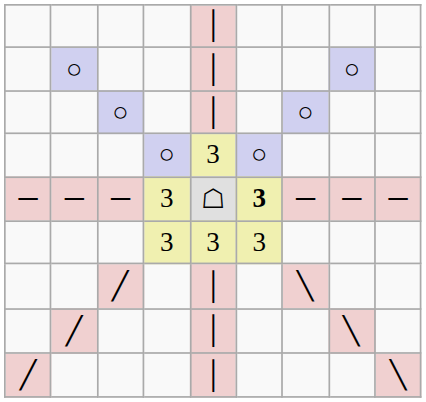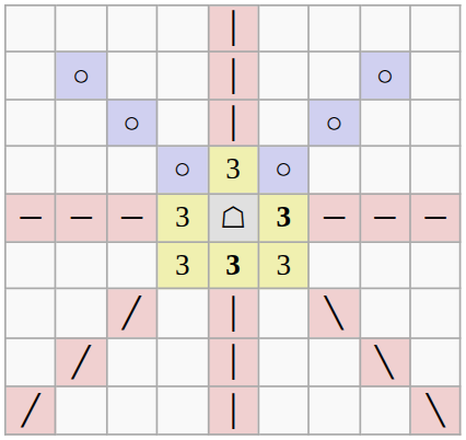 <table border="1" class="wikitable">
 <tr align=center>
 <td width="20"> </td>
 <td width="20"> </td>
 <td width="20"> </td>
 <td width="20"> </td>
 <td width="20" style="background:#f0d0d0;">│</td>
 <td width="20"> </td>
 <td width="20"> </td>
 <td width="20"> </td>
 <td width="20"> </td>
 </tr>
 <tr align=center>
 <td> </td>
 <td style="background:#d0d0f0;">○</td>
 <td> </td>
 <td> </td>
 <td style="background:#f0d0d0;">│</td>
 <td> </td>
 <td> </td>
 <td style="background:#d0d0f0;">○</td>
 <td> </td>
 </tr>
 <tr align=center>
 <td> </td>
 <td> </td>
 <td style="background:#d0d0f0;">○</td>
 <td> </td>
 <td style="background:#f0d0d0;">│</td>
 <td> </td>
 <td style="background:#d0d0f0;">○</td>
 <td> </td>
 <td> </td>
 </tr>
 <tr align=center>
 <td> </td>
 <td> </td>
 <td> </td>
 <td style="background:#d0d0f0;">○</td>
 <td style="background:#f0f0b0;">3</td>
 <td style="background:#d0d0f0;">○</td>
 <td> </td>
 <td> </td>
 <td> </td>
 </tr>
 <tr align=center>
 <td style="background:#f0d0d0;">─</td>
 <td style="background:#f0d0d0;">─</td>
 <td style="background:#f0d0d0;">─</td>
 <td style="background:#f0f0b0;">3</td>
 <td style="background:#e0e0e0;">☖</td>
 <td style="background:#f0f0b0;"><strong>3</strong></td>
 <td style="background:#f0d0d0;">─</td>
 <td style="background:#f0d0d0;">─</td>
 <td style="background:#f0d0d0;">─</td>
 </tr>
 <tr align=center>
 <td> </td>
 <td> </td>
 <td> </td>
 <td style="background:#f0f0b0;">3</td>
-<td style="background:#f0f0b0;">3</td>
+<td style="background:#f0f0b0;"><strong>3</strong></td>
 <td style="background:#f0f0b0;">3</td>
 <td> </td>
 <td> </td>
 <td> </td>
 </tr>
 <tr align=center>
 <td> </td>
 <td> </td>
 <td style="background:#f0d0d0;">╱</td>
 <td> </td>
 <td style="background:#f0d0d0;">│</td>
 <td> </td>
 <td style="background:#f0d0d0;">╲</td>
 <td> </td>
 <td> </td>
 </tr>
 <tr align=center>
 <td> </td>
 <td style="background:#f0d0d0;">╱</td>
 <td> </td>
 <td> </td>
 <td style="background:#f0d0d0;">│</td>
 <td> </td>
 <td> </td>
 <td style="background:#f0d0d0;">╲</td>
 <td> </td>
 </tr>
 <tr align=center>
 <td style="background:#f0d0d0;">╱</td>
 <td> </td>
 <td> </td>
 <td> </td>
 <td style="background:#f0d0d0;">│</td>
 <td> </td>
 <td> </td>
 <td> </td>
 <td style="background:#f0d0d0;">╲</td>
 </tr>
 </table>
